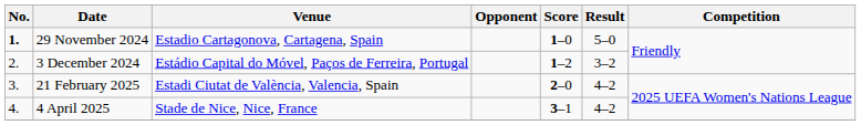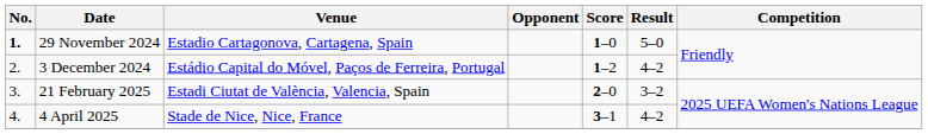 <table class="wikitable">
 <tr>
 <th>No.</th>
 <th>Date</th>
 <th>Venue</th>
 <th>Opponent</th>
 <th>Score</th>
 <th>Result</th>
 <th>Competition</th>
 </tr>
 <tr>
 <td><strong>1.</strong></td>
 <td>29 November 2024</td>
 <td><a href='#'>Estadio Cartagonova</a>, <a href='#'>Cartagena</a>, <a href='#'>Spain</a></td>
 <td></td>
 <td align=center><strong>1</strong>–0</td>
 <td align=center>5–0</td>
 <td rowspan=2><a href='#'>Friendly</a></td>
 </tr>
 <tr>
 <td>2.</td>
 <td>3 December 2024</td>
 <td><a href='#'>Estádio Capital do Móvel</a>, <a href='#'>Paços de Ferreira</a>, <a href='#'>Portugal</a></td>
 <td></td>
 <td align=center><strong>1</strong>–2</td>
-<td align=center>3–2</td>
+<td align=center>4–2</td>
 </tr>
 <tr>
 <td>3.</td>
 <td>21 February 2025</td>
 <td><a href='#'>Estadi Ciutat de València</a>, <a href='#'>Valencia</a>, Spain</td>
 <td></td>
 <td align=center><strong>2</strong>–0</td>
-<td align=center>4–2</td>
+<td align=center>3–2</td>
 <td rowspan=2><a href='#'>2025 UEFA Women's Nations League</a></td>
 </tr>
 <tr>
 <td>4.</td>
 <td>4 April 2025</td>
 <td><a href='#'>Stade de Nice</a>, <a href='#'>Nice</a>, <a href='#'>France</a></td>
 <td></td>
 <td align=center><strong>3</strong>–1</td>
 <td align=center>4–2</td>
 </tr>
 <tr>
 </tr>
 </table>
